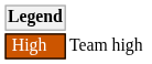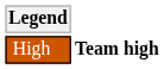 <table class="toccolours" style="font-size: 80%; white-space: nowrap;">
 <tr>
 <th colspan="1" style="background-color: #F2F2F2; border: 1px solid #AAAAAA;">Legend</th>
 </tr>
 <tr>
 <td style="background:#CC5500; color:#ffffff; border: 1px solid black"> High </td>
-<td>Team high</td>
+<td><strong>Team high</strong></td>
 </tr>
 <tr>
 </tr>
 </table>
